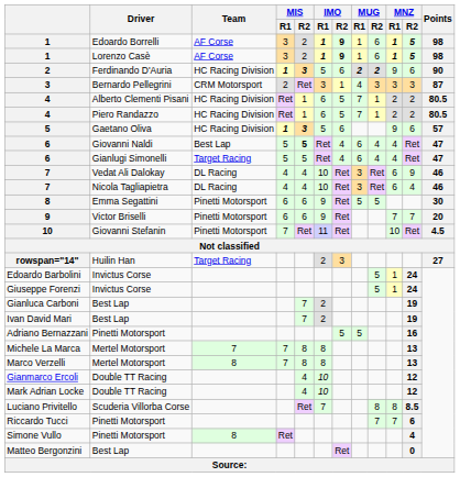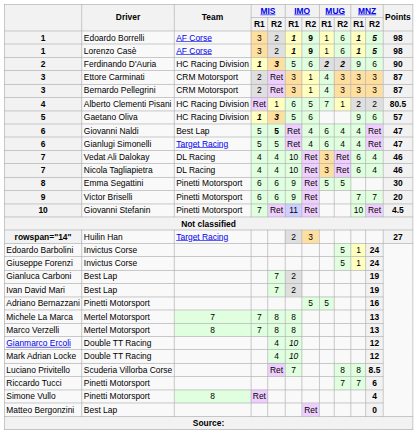 <table class="wikitable" style="font-size:85%; text-align:center;">
 <tr>
 <th rowspan="2"></th>
 <th rowspan="2">Driver</th>
 <th rowspan="2">Team</th>
 <th colspan="2"><a href='#'>MIS</a><br></th>
 <th colspan="2"><a href='#'>IMO</a><br></th>
 <th colspan="2"><a href='#'>MUG</a><br></th>
 <th colspan="2"><a href='#'>MNZ</a><br></th>
 <th rowspan="2">Points</th>
 </tr>
 <tr>
 <th>R1</th>
 <th>R2</th>
 <th>R1</th>
 <th>R2</th>
 <th>R1</th>
 <th>R2</th>
 <th>R1</th>
 <th>R2</th>
 </tr>
 <tr>
 <th>1</th>
 <td style="text-align:left"> Edoardo Borrelli</td>
 <td style="text-align:left"> <a href='#'>AF Corse</a></td>
 <td style="background:#FFDF9F">3</td>
 <td style="background:#DFDFDF">2</td>
 <td style="background:#FFFFBF"><strong><em>1</em></strong></td>
 <td style="background:#DFFFDF"><strong>9</strong></td>
 <td style="background:#FFFFBF">1</td>
 <td style="background:#DFFFDF">6</td>
 <td style="background:#FFFFBF"><strong><em>1</em></strong></td>
 <td style="background:#DFFFDF"><strong><em>5</em></strong></td>
 <th>98</th>
 </tr>
 <tr>
 <th>1</th>
 <td style="text-align:left"> Lorenzo Casè</td>
 <td style="text-align:left"> <a href='#'>AF Corse</a></td>
 <td style="background:#FFDF9F">3</td>
 <td style="background:#DFDFDF">2</td>
 <td style="background:#FFFFBF"><strong><em>1</em></strong></td>
 <td style="background:#DFFFDF"><strong>9</strong></td>
 <td style="background:#FFFFBF">1</td>
 <td style="background:#DFFFDF">6</td>
 <td style="background:#FFFFBF"><strong><em>1</em></strong></td>
 <td style="background:#DFFFDF"><strong><em>5</em></strong></td>
 <th>98</th>
 </tr>
 <tr>
 <th>2</th>
 <td style="text-align:left"> Ferdinando D'Auria</td>
 <td style="text-align:left"> HC Racing Division</td>
 <td style="background:#FFFFBF"><strong><em>1</em></strong></td>
 <td style="background:#FFDF9F"><strong><em>3</em></strong></td>
 <td style="background:#DFFFDF">5</td>
 <td style="background:#DFFFDF">6</td>
 <td style="background:#DFDFDF"><strong><em>2</em></strong></td>
 <td style="background:#DFDFDF"><strong><em>2</em></strong></td>
 <td style="background:#DFFFDF">9</td>
 <td style="background:#DFFFDF">6</td>
 <th>90</th>
 </tr>
 <tr>
 <th>3</th>
+<td style="text-align:left"> Ettore Carminati</td>
+<td style="text-align:left"> CRM Motorsport</td>
+<td style="background:#DFDFDF">2</td>
+<td style="background:#EFCFFF">Ret</td>
+<td style="background:#FFDF9F">3</td>
+<td style="background:#FFFFBF">1</td>
+<td style="background:#DFFFDF">4</td>
+<td style="background:#FFDF9F">3</td>
+<td style="background:#FFDF9F">3</td>
+<td style="background:#FFDF9F">3</td>
+<th>87</th>
+</tr>
+<tr>
+<th>3</th>
 <td style="text-align:left"> Bernardo Pellegrini</td>
 <td style="text-align:left"> CRM Motorsport</td>
 <td style="background:#DFDFDF">2</td>
 <td style="background:#EFCFFF">Ret</td>
 <td style="background:#FFDF9F">3</td>
 <td style="background:#FFFFBF">1</td>
 <td style="background:#DFFFDF">4</td>
 <td style="background:#FFDF9F">3</td>
 <td style="background:#FFDF9F">3</td>
 <td style="background:#FFDF9F">3</td>
 <th>87</th>
 </tr>
 <tr>
 <th>4</th>
 <td style="text-align:left"> Alberto Clementi Pisani</td>
-<td style="text-align:left"> HC Racing Division</td>
-<td style="background:#EFCFFF">Ret</td>
-<td style="background:#FFFFBF">1</td>
-<td style="background:#DFFFDF">6</td>
-<td style="background:#DFFFDF">5</td>
-<td style="background:#DFFFDF">7</td>
-<td style="background:#FFFFBF">1</td>
-<td style="background:#DFDFDF">2</td>
-<td style="background:#DFDFDF">2</td>
-<th>80.5</th>
-</tr>
-<tr>
-<th>4</th>
-<td style="text-align:left"> Piero Randazzo</td>
 <td style="text-align:left"> HC Racing Division</td>
 <td style="background:#EFCFFF">Ret</td>
 <td style="background:#FFFFBF">1</td>
 <td style="background:#DFFFDF">6</td>
 <td style="background:#DFFFDF">5</td>
 <td style="background:#DFFFDF">7</td>
 <td style="background:#FFFFBF">1</td>
 <td style="background:#DFDFDF">2</td>
 <td style="background:#DFDFDF">2</td>
 <th>80.5</th>
 </tr>
 <tr>
 <th>5</th>
 <td style="text-align:left"> Gaetano Oliva</td>
 <td style="text-align:left"> HC Racing Division</td>
 <td style="background:#FFFFBF"><strong><em>1</em></strong></td>
 <td style="background:#FFDF9F"><strong><em>3</em></strong></td>
 <td style="background:#DFFFDF">5</td>
 <td style="background:#DFFFDF">6</td>
 <td style="background:#"></td>
 <td style="background:#"></td>
 <td style="background:#DFFFDF">9</td>
 <td style="background:#DFFFDF">6</td>
 <th>57</th>
 </tr>
 <tr>
 <th>6</th>
 <td style="text-align:left"> Giovanni Naldi</td>
 <td style="text-align:left"> Best Lap</td>
 <td style="background:#DFFFDF">5</td>
 <td style="background:#DFFFDF"><strong>5</strong></td>
 <td style="background:#EFCFFF">Ret</td>
 <td style="background:#DFFFDF">4</td>
 <td style="background:#DFFFDF">6</td>
 <td style="background:#DFFFDF">4</td>
 <td style="background:#DFFFDF">4</td>
 <td style="background:#EFCFFF">Ret</td>
 <th>47</th>
 </tr>
 <tr>
 <th>6</th>
 <td style="text-align:left"> Gianlugi Simonelli</td>
 <td style="text-align:left"> <a href='#'>Target Racing</a></td>
 <td style="background:#DFFFDF">5</td>
 <td style="background:#DFFFDF">5</td>
 <td style="background:#EFCFFF">Ret</td>
 <td style="background:#DFFFDF">4</td>
 <td style="background:#DFFFDF">6</td>
 <td style="background:#DFFFDF">4</td>
 <td style="background:#DFFFDF">4</td>
 <td style="background:#EFCFFF">Ret</td>
 <th>47</th>
 </tr>
 <tr>
 <th>7</th>
 <td style="text-align:left"> Vedat Ali Dalokay</td>
 <td style="text-align:left"> DL Racing</td>
 <td style="background:#DFFFDF">4</td>
 <td style="background:#DFFFDF">4</td>
 <td style="background:#DFFFDF">10</td>
 <td style="background:#EFCFFF">Ret</td>
 <td style="background:#FFDF9F">3</td>
 <td style="background:#EFCFFF">Ret</td>
 <td style="background:#DFFFDF">6</td>
-<td style="background:#DFFFDF">9</td>
+<td style="background:#DFFFDF">4</td>
 <th>46</th>
 </tr>
 <tr>
 <th>7</th>
 <td style="text-align:left"> Nicola Tagliapietra</td>
 <td style="text-align:left"> DL Racing</td>
 <td style="background:#DFFFDF">4</td>
 <td style="background:#DFFFDF">4</td>
 <td style="background:#DFFFDF">10</td>
 <td style="background:#EFCFFF">Ret</td>
 <td style="background:#FFDF9F">3</td>
 <td style="background:#EFCFFF">Ret</td>
 <td style="background:#DFFFDF">6</td>
 <td style="background:#DFFFDF">4</td>
 <th>46</th>
 </tr>
 <tr>
 <th>8</th>
 <td style="text-align:left"> Emma Segattini</td>
 <td style="text-align:left"> Pinetti Motorsport</td>
 <td style="background:#DFFFDF">6</td>
 <td style="background:#DFFFDF">6</td>
 <td style="background:#DFFFDF">9</td>
 <td style="background:#EFCFFF">Ret</td>
 <td style="background:#DFFFDF">5</td>
 <td style="background:#DFFFDF">5</td>
 <td style="background:#"></td>
 <td style="background:#"></td>
 <th>30</th>
 </tr>
 <tr>
 <th>9</th>
 <td style="text-align:left"> Victor Briselli</td>
 <td style="text-align:left"> Pinetti Motorsport</td>
 <td style="background:#DFFFDF">6</td>
 <td style="background:#DFFFDF">6</td>
 <td style="background:#DFFFDF">9</td>
 <td style="background:#EFCFFF">Ret</td>
 <td style="background:#"></td>
 <td style="background:#"></td>
 <td style="background:#DFFFDF">7</td>
 <td style="background:#DFFFDF">7</td>
 <th>20</th>
 </tr>
 <tr>
 <th>10</th>
 <td style="text-align:left"> Giovanni Stefanin</td>
 <td style="text-align:left"> Pinetti Motorsport</td>
 <td style="background:#DFFFDF">7</td>
 <td style="background:#EFCFFF">Ret</td>
 <td style="background:#CFCFFF">11</td>
 <td style="background:#EFCFFF">Ret</td>
 <td style="background:#"></td>
 <td style="background:#"></td>
 <td style="background:#DFFFDF">10</td>
 <td style="background:#EFCFFF">Ret</td>
 <th>4.5</th>
 </tr>
 <tr>
 <th colspan="12">Not classified</th>
 </tr>
 <tr>
 <th>rowspan="14" </th>
 <td style="text-align:left"> Huilin Han</td>
 <td style="text-align:left"> <a href='#'>Target Racing</a></td>
 <td style="background:#"></td>
 <td style="background:#"></td>
 <td style="background:#DFDFDF">2</td>
 <td style="background:#FFDF9F">3</td>
 <td style="background:#"></td>
 <td style="background:#"></td>
 <td style="background:#"></td>
 <td style="background:#"></td>
 <th>27</th>
 </tr>
 <tr>
 <td style="text-align:left"> Edoardo Barbolini</td>
 <td style="text-align:left"> Invictus Corse</td>
 <td style="background:#"></td>
 <td style="background:#"></td>
 <td style="background:#"></td>
 <td style="background:#"></td>
 <td style="background:#"></td>
 <td style="background:#"></td>
 <td style="background:#DFFFDF">5</td>
 <td style="background:#FFFFBF">1</td>
 <th>24</th>
 </tr>
 <tr>
 <td style="text-align:left"> Giuseppe Forenzi</td>
 <td style="text-align:left"> Invictus Corse</td>
 <td style="background:#"></td>
 <td style="background:#"></td>
 <td style="background:#"></td>
 <td style="background:#"></td>
 <td style="background:#"></td>
 <td style="background:#"></td>
 <td style="background:#DFFFDF">5</td>
 <td style="background:#FFFFBF">1</td>
 <th>24</th>
 </tr>
 <tr>
 <td style="text-align:left"> Gianluca Carboni</td>
 <td style="text-align:left"> Best Lap</td>
 <td style="background:#"></td>
 <td style="background:#"></td>
 <td style="background:#DFFFDF">7</td>
 <td style="background:#DFDFDF">2</td>
 <td style="background:#"></td>
 <td style="background:#"></td>
 <td style="background:#"></td>
 <td style="background:#"></td>
 <th>19</th>
 </tr>
 <tr>
 <td style="text-align:left"> Ivan David Mari</td>
 <td style="text-align:left"> Best Lap</td>
 <td style="background:#"></td>
 <td style="background:#"></td>
 <td style="background:#DFFFDF">7</td>
 <td style="background:#DFDFDF">2</td>
 <td style="background:#"></td>
 <td style="background:#"></td>
 <td style="background:#"></td>
 <td style="background:#"></td>
 <th>19</th>
 </tr>
 <tr>
 <td style="text-align:left"> Adriano Bernazzani</td>
 <td style="text-align:left"> Pinetti Motorsport</td>
 <td style="background:#"></td>
 <td style="background:#"></td>
 <td style="background:#"></td>
 <td style="background:#"></td>
 <td style="background:#DFFFDF">5</td>
 <td style="background:#DFFFDF">5</td>
 <td style="background:#"></td>
 <td style="background:#"></td>
 <th>16</th>
 </tr>
 <tr>
 <td style="text-align:left"> Michele La Marca</td>
 <td style="text-align:left"> Mertel Motorsport</td>
 <td style="background:#DFFFDF">7</td>
 <td style="background:#DFFFDF">7</td>
 <td style="background:#DFFFDF">8</td>
 <td style="background:#DFFFDF">8</td>
 <td style="background:#"></td>
 <td style="background:#"></td>
 <td style="background:#"></td>
 <td style="background:#"></td>
 <th>13</th>
 </tr>
 <tr>
 <td style="text-align:left"> Marco Verzelli</td>
 <td style="text-align:left"> Mertel Motorsport</td>
 <td style="background:#DFFFDF">8</td>
 <td style="background:#DFFFDF">7</td>
 <td style="background:#DFFFDF">8</td>
 <td style="background:#DFFFDF">8</td>
 <td style="background:#"></td>
 <td style="background:#"></td>
 <td style="background:#"></td>
 <td style="background:#"></td>
 <th>13</th>
 </tr>
 <tr>
 <td style="text-align:left"> <a href='#'>Gianmarco Ercoli</a></td>
 <td style="text-align:left"> Double TT Racing</td>
 <td style="background:#"></td>
 <td style="background:#"></td>
 <td style="background:#DFFFDF">4</td>
 <td style="background:#DFFFDF"><em>10</em></td>
 <td style="background:#"></td>
 <td style="background:#"></td>
 <td style="background:#"></td>
 <td style="background:#"></td>
 <th>12</th>
 </tr>
 <tr>
 <td style="text-align:left"> Mark Adrian Locke</td>
 <td style="text-align:left"> Double TT Racing</td>
 <td style="background:#"></td>
 <td style="background:#"></td>
 <td style="background:#DFFFDF">4</td>
 <td style="background:#DFFFDF"><em>10</em></td>
 <td style="background:#"></td>
 <td style="background:#"></td>
 <td style="background:#"></td>
 <td style="background:#"></td>
 <th>12</th>
 </tr>
 <tr>
 <td style="text-align:left"> Luciano Privitello</td>
 <td style="text-align:left"> Scuderia Villorba Corse</td>
 <td style="background:#"></td>
 <td style="background:#"></td>
 <td style="background:#EFCFFF">Ret</td>
 <td style="background:#DFFFDF">7</td>
 <td style="background:#"></td>
 <td style="background:#"></td>
 <td style="background:#DFFFDF">8</td>
 <td style="background:#DFFFDF">8</td>
 <th>8.5</th>
 </tr>
 <tr>
 <td style="text-align:left"> Riccardo Tucci</td>
 <td style="text-align:left"> Pinetti Motorsport</td>
 <td style="background:#"></td>
 <td style="background:#"></td>
 <td style="background:#"></td>
 <td style="background:#"></td>
 <td style="background:#"></td>
 <td style="background:#"></td>
 <td style="background:#DFFFDF">7</td>
 <td style="background:#DFFFDF">7</td>
 <th>6</th>
 </tr>
 <tr>
 <td style="text-align:left"> Simone Vullo</td>
 <td style="text-align:left"> Pinetti Motorsport</td>
 <td style="background:#DFFFDF">8</td>
 <td style="background:#EFCFFF">Ret</td>
 <td style="background:#"></td>
 <td style="background:#"></td>
 <td style="background:#"></td>
 <td style="background:#"></td>
 <td style="background:#"></td>
 <td style="background:#"></td>
 <th>4</th>
 </tr>
 <tr>
 <td style="text-align:left"> Matteo Bergonzini</td>
 <td style="text-align:left"> Best Lap</td>
 <td style="background:#"></td>
 <td style="background:#"></td>
 <td style="background:#"></td>
 <td style="background:#"></td>
 <td style="background:#EFCFFF">Ret</td>
 <td style="background:#"></td>
 <td style="background:#"></td>
 <td style="background:#"></td>
 <th>0</th>
 </tr>
 <tr>
 <th colspan="12">Source:</th>
 </tr>
 </table>
